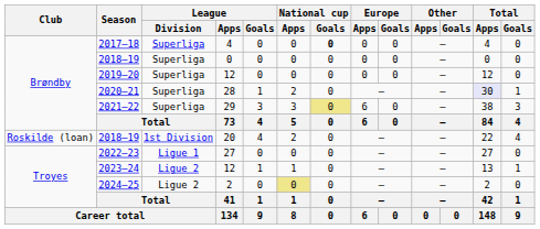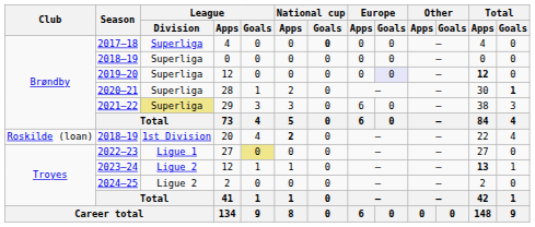 <table class="wikitable" style="text-align:center">
 <tr>
 <th rowspan="2">Club</th>
 <th rowspan="2">Season</th>
 <th colspan="3">League</th>
 <th colspan="2">National cup</th>
 <th colspan="2">Europe</th>
 <th colspan="2">Other</th>
 <th colspan="2">Total</th>
 </tr>
 <tr>
 <th>Division</th>
 <th>Apps</th>
 <th>Goals</th>
 <th>Apps</th>
 <th>Goals</th>
 <th>Apps</th>
 <th>Goals</th>
 <th>Apps</th>
 <th>Goals</th>
 <th>Apps</th>
 <th>Goals</th>
 </tr>
 <tr>
 <td rowspan="6"><a href='#'>Brøndby</a></td>
 <td><a href='#'>2017–18</a></td>
 <td><a href='#'>Superliga</a></td>
 <td>4</td>
 <td>0</td>
 <td>0</td>
 <td><strong>0</strong></td>
 <td>0</td>
 <td>0</td>
 <td colspan="2">—</td>
 <td>4</td>
 <td>0</td>
 </tr>
 <tr>
 <td><a href='#'>2018–19</a></td>
 <td>Superliga</td>
 <td>0</td>
 <td>0</td>
 <td>0</td>
 <td>0</td>
 <td>0</td>
 <td>0</td>
 <td colspan="2">—</td>
 <td>0</td>
 <td>0</td>
 </tr>
 <tr>
 <td><a href='#'>2019–20</a></td>
 <td>Superliga</td>
 <td>12</td>
 <td>0</td>
 <td>0</td>
 <td>0</td>
 <td>0</td>
-<td>0</td>
+<td style="background: lavender;">0</td>
 <td colspan="2">—</td>
-<td>12</td>
+<td><strong>12</strong></td>
 <td>0</td>
 </tr>
 <tr>
 <td><a href='#'>2020–21</a></td>
 <td>Superliga</td>
 <td>28</td>
 <td>1</td>
 <td>2</td>
 <td>0</td>
 <td colspan="2">—</td>
 <td colspan="2">—</td>
-<td style="background: lavender;">30</td>
-<td>1</td>
+<td>30</td>
+<td><strong>1</strong></td>
 </tr>
 <tr>
 <td><a href='#'>2021–22</a></td>
-<td>Superliga</td>
+<td style="background: khaki;">Superliga</td>
 <td>29</td>
 <td>3</td>
 <td>3</td>
-<td style="background: khaki;">0</td>
+<td>0</td>
 <td>6</td>
 <td>0</td>
 <td colspan="2">—</td>
 <td>38</td>
 <td>3</td>
 </tr>
 <tr>
 <th colspan="2">Total</th>
 <th>73</th>
 <th>4</th>
 <th>5</th>
 <th>0</th>
 <th>6</th>
 <th>0</th>
 <th colspan="2">—</th>
 <th>84</th>
 <th>4</th>
 </tr>
 <tr>
 <td><a href='#'>Roskilde</a> (loan)</td>
 <td><a href='#'>2018–19</a></td>
 <td><a href='#'>1st Division</a></td>
 <td>20</td>
 <td>4</td>
-<td>2</td>
+<td><strong>2</strong></td>
 <td>0</td>
 <td colspan="2">—</td>
 <td colspan="2">—</td>
 <td>22</td>
 <td>4</td>
 </tr>
 <tr>
 <td rowspan="4"><a href='#'>Troyes</a></td>
 <td><a href='#'>2022–23</a></td>
 <td><a href='#'>Ligue 1</a></td>
 <td>27</td>
-<td>0</td>
+<td style="background: khaki;">0</td>
 <td>0</td>
 <td>0</td>
 <td colspan="2">—</td>
 <td colspan="2">—</td>
 <td>27</td>
 <td>0</td>
 </tr>
 <tr>
 <td><a href='#'>2023–24</a></td>
 <td><a href='#'>Ligue 2</a></td>
 <td>12</td>
 <td>1</td>
 <td>1</td>
 <td>0</td>
 <td colspan="2">—</td>
 <td colspan="2">—</td>
-<td>13</td>
+<td><strong>13</strong></td>
 <td>1</td>
 </tr>
 <tr>
 <td><a href='#'>2024–25</a></td>
 <td>Ligue 2</td>
 <td>2</td>
 <td>0</td>
-<td style="background: khaki;">0</td>
+<td>0</td>
 <td>0</td>
 <td colspan="2">—</td>
 <td colspan="2">—</td>
 <td>2</td>
 <td>0</td>
 </tr>
 <tr>
 <th colspan="2">Total</th>
 <th>41</th>
 <th>1</th>
 <th>1</th>
 <th>0</th>
 <th colspan="2">—</th>
 <th colspan="2">—</th>
 <th>42</th>
 <th>1</th>
 </tr>
 <tr>
 <th colspan="3">Career total</th>
 <th>134</th>
 <th>9</th>
 <th>8</th>
 <th>0</th>
 <th>6</th>
 <th>0</th>
 <th>0</th>
 <th>0</th>
 <th>148</th>
 <th>9</th>
 </tr>
 </table>
